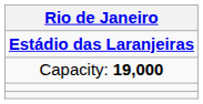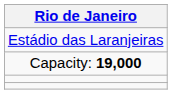 <table class="wikitable" style="text-align:center">
 <tr>
 <th><a href='#'>Rio de Janeiro</a></th>
 </tr>
 <tr>
-<td><strong><a href='#'>Estádio das Laranjeiras</a></strong></td>
+<td><a href='#'>Estádio das Laranjeiras</a></td>
 </tr>
 <tr>
 <td>Capacity: <strong>19,000</strong></td>
 </tr>
 <tr>
 <td></td>
 </tr>
 <tr>
 <td colspan="1"></td>
 </tr>
 </table>
